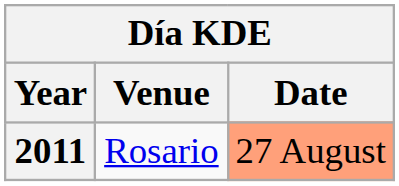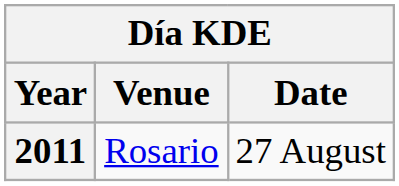 <table - class="wikitable floatright">
 <tr style="background:#efefef;">
 <th colspan="3">Día KDE</th>
 </tr>
 <tr style="background:#efefef;">
 <th>Year</th>
 <th>Venue</th>
 <th>Date</th>
 </tr>
 <tr>
 <th>2011</th>
 <td><a href='#'>Rosario</a></td>
-<td style="background: lightsalmon;">27 August</td>
+<td>27 August</td>
 </tr>
 </table>
